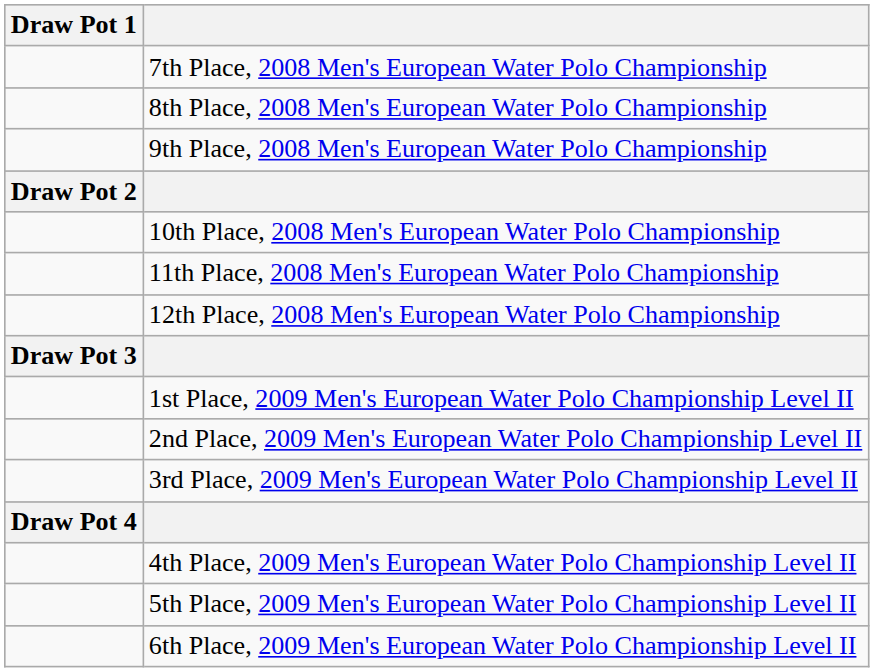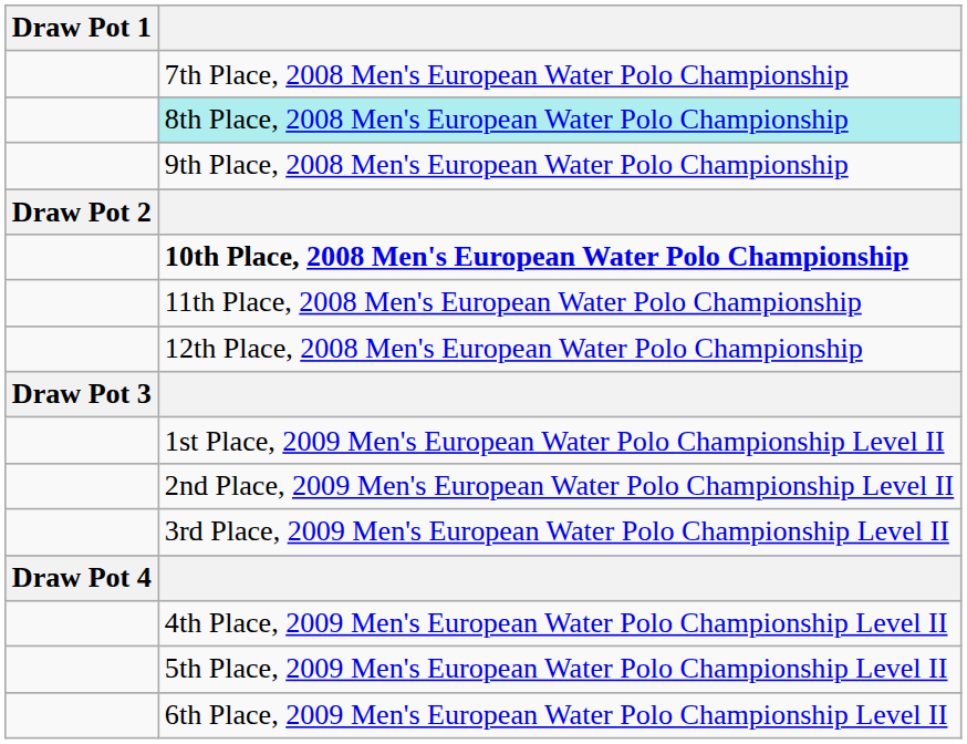 <table class="wikitable">
 <tr>
 <th>Draw Pot 1</th>
 <th></th>
 </tr>
 <tr>
 <td></td>
 <td>7th Place, <a href='#'>2008 Men's European Water Polo Championship</a></td>
 </tr>
 <tr>
 <td></td>
-<td>8th Place, <a href='#'>2008 Men's European Water Polo Championship</a></td>
+<td style="background: paleturquoise;">8th Place, <a href='#'>2008 Men's European Water Polo Championship</a></td>
 </tr>
 <tr>
 <td></td>
 <td>9th Place, <a href='#'>2008 Men's European Water Polo Championship</a></td>
 </tr>
 <tr>
 <th>Draw Pot 2</th>
 <th></th>
 </tr>
 <tr>
 <td></td>
-<td>10th Place, <a href='#'>2008 Men's European Water Polo Championship</a></td>
+<td><strong>10th Place, <a href='#'>2008 Men's European Water Polo Championship</a></strong></td>
 </tr>
 <tr>
 <td></td>
 <td>11th Place, <a href='#'>2008 Men's European Water Polo Championship</a></td>
 </tr>
 <tr>
 <td></td>
 <td>12th Place, <a href='#'>2008 Men's European Water Polo Championship</a></td>
 </tr>
 <tr>
 <th>Draw Pot 3</th>
 <th></th>
 </tr>
 <tr>
 <td></td>
 <td>1st Place, <a href='#'>2009 Men's European Water Polo Championship Level II</a></td>
 </tr>
 <tr>
 <td></td>
 <td>2nd Place, <a href='#'>2009 Men's European Water Polo Championship Level II</a></td>
 </tr>
 <tr>
 <td></td>
 <td>3rd Place, <a href='#'>2009 Men's European Water Polo Championship Level II</a></td>
 </tr>
 <tr>
 <th>Draw Pot 4</th>
 <th></th>
 </tr>
 <tr>
 <td></td>
 <td>4th Place, <a href='#'>2009 Men's European Water Polo Championship Level II</a></td>
 </tr>
 <tr>
 <td></td>
 <td>5th Place, <a href='#'>2009 Men's European Water Polo Championship Level II</a></td>
 </tr>
 <tr>
 <td></td>
 <td>6th Place, <a href='#'>2009 Men's European Water Polo Championship Level II</a></td>
 </tr>
 </table>
